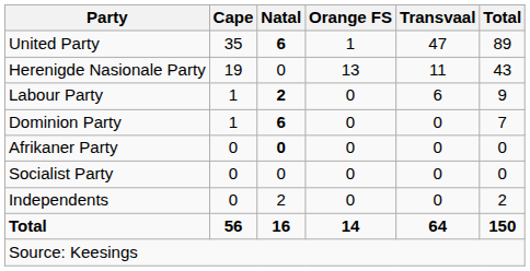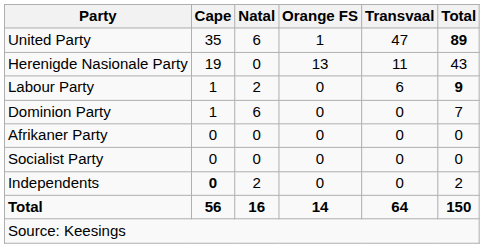 <table class=wikitable style=text-align:center>
 <tr>
 <th>Party</th>
 <th>Cape</th>
 <th>Natal</th>
 <th>Orange FS</th>
 <th>Transvaal</th>
 <th>Total</th>
 </tr>
 <tr>
 <td align=left>United Party</td>
 <td>35</td>
-<td><strong>6</strong></td>
+<td>6</td>
 <td>1</td>
 <td>47</td>
-<td>89</td>
+<td><strong>89</strong></td>
 </tr>
 <tr>
 <td align=left>Herenigde Nasionale Party</td>
 <td>19</td>
 <td>0</td>
 <td>13</td>
 <td>11</td>
 <td>43</td>
 </tr>
 <tr>
 <td align=left>Labour Party</td>
 <td>1</td>
-<td><strong>2</strong></td>
+<td>2</td>
 <td>0</td>
 <td>6</td>
-<td>9</td>
+<td><strong>9</strong></td>
 </tr>
 <tr>
 <td align=left>Dominion Party</td>
 <td>1</td>
-<td><strong>6</strong></td>
+<td>6</td>
 <td>0</td>
 <td>0</td>
 <td>7</td>
 </tr>
 <tr>
 <td align=left>Afrikaner Party</td>
 <td>0</td>
-<td><strong>0</strong></td>
+<td>0</td>
 <td>0</td>
 <td>0</td>
 <td>0</td>
 </tr>
 <tr>
 <td align=left>Socialist Party</td>
 <td>0</td>
 <td>0</td>
 <td>0</td>
 <td>0</td>
 <td>0</td>
 </tr>
 <tr>
 <td align=left>Independents</td>
-<td>0</td>
+<td><strong>0</strong></td>
 <td>2</td>
 <td>0</td>
 <td>0</td>
 <td>2</td>
 </tr>
 <tr>
 <td align=left><strong>Total</strong></td>
 <td><strong>56</strong></td>
 <td><strong>16</strong></td>
 <td><strong>14</strong></td>
 <td><strong>64</strong></td>
 <td><strong>150 </strong></td>
 </tr>
 <tr>
 <td align=left colspan=6>Source: Keesings</td>
 </tr>
 </table>
